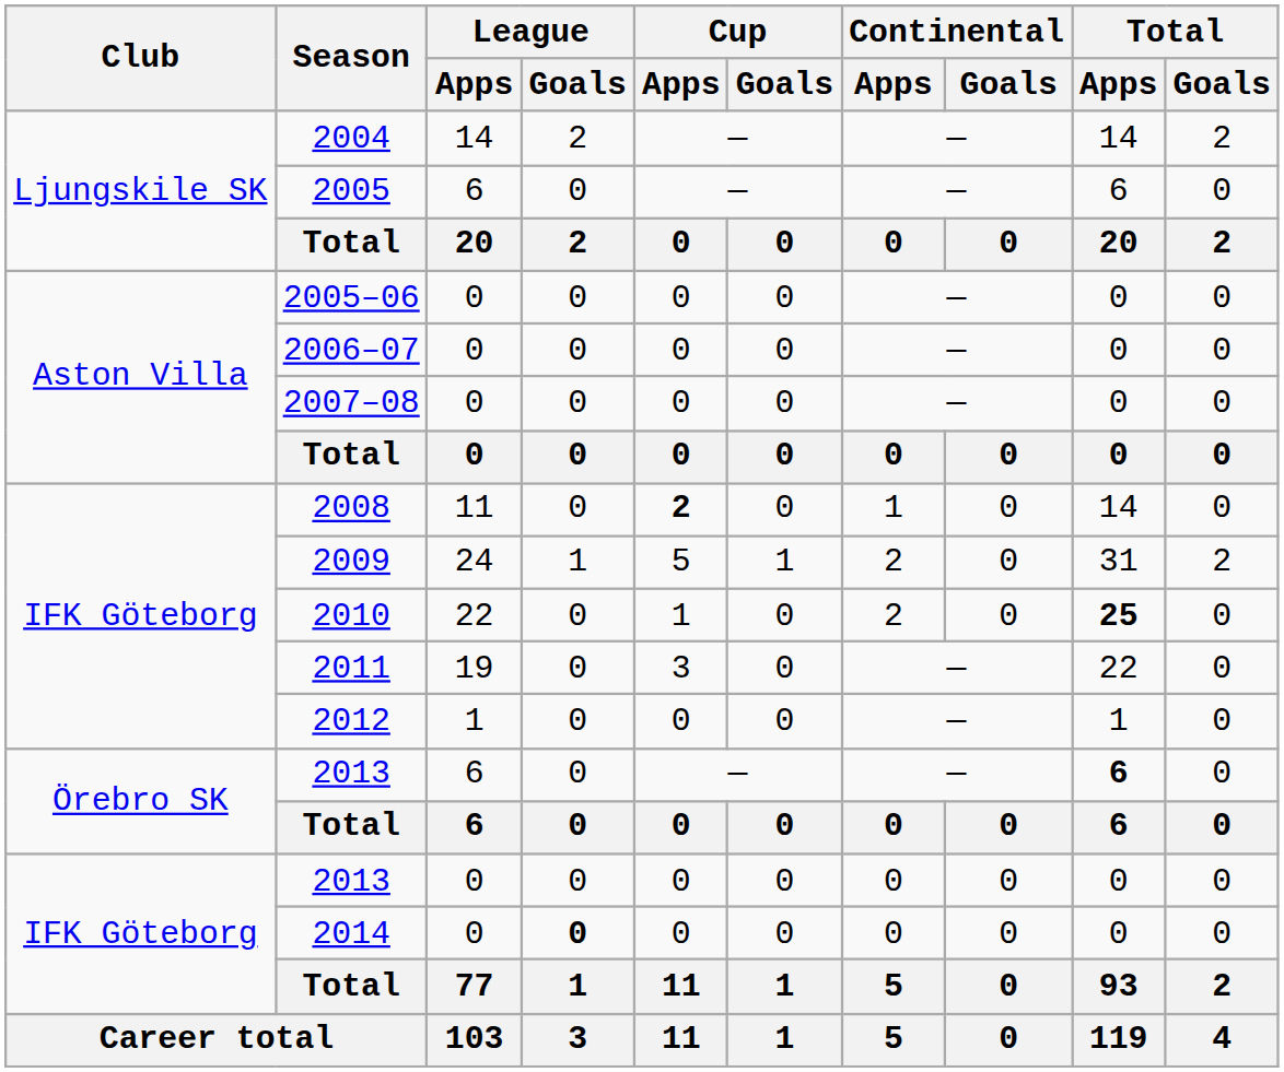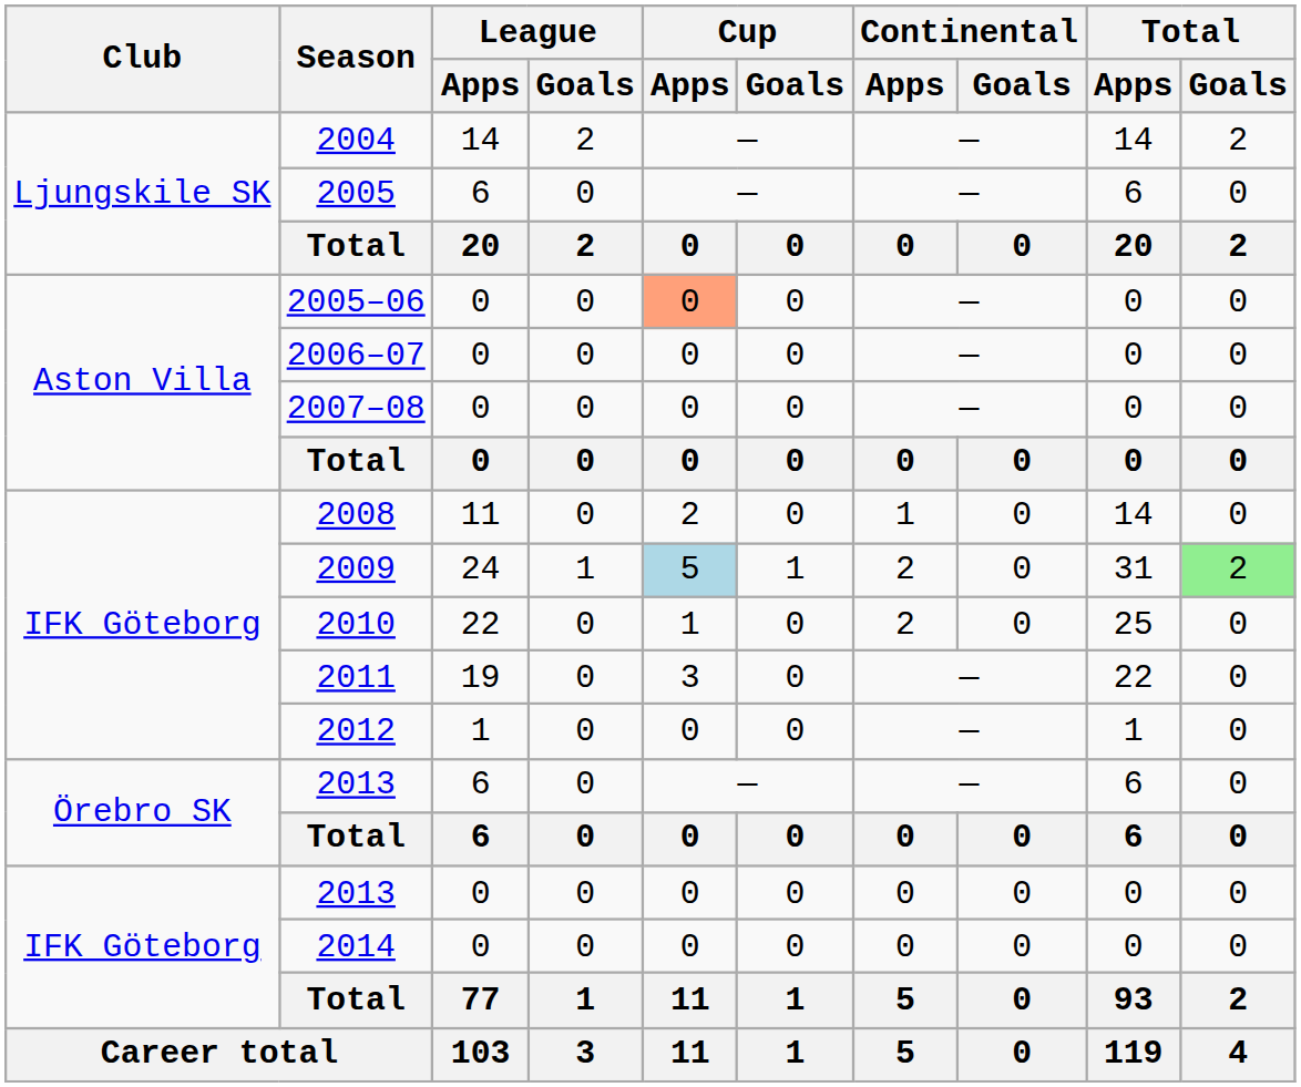 <table class="wikitable" style="text-align:center">
 <tr>
 <th rowspan=2>Club</th>
 <th rowspan=2>Season</th>
 <th colspan=2>League</th>
 <th colspan=2>Cup</th>
 <th colspan=2>Continental</th>
 <th colspan=2>Total</th>
 </tr>
 <tr>
 <th>Apps</th>
 <th>Goals</th>
 <th>Apps</th>
 <th>Goals</th>
 <th>Apps</th>
 <th>Goals</th>
 <th>Apps</th>
 <th>Goals</th>
 </tr>
 <tr>
 <td rowspan=3><a href='#'>Ljungskile SK</a></td>
 <td><a href='#'>2004</a></td>
 <td>14</td>
 <td>2</td>
 <td colspan=2>—</td>
 <td colspan=2>—</td>
 <td>14</td>
 <td>2</td>
 </tr>
 <tr>
 <td><a href='#'>2005</a></td>
 <td>6</td>
 <td>0</td>
 <td colspan=2>—</td>
 <td colspan=2>—</td>
 <td>6</td>
 <td>0</td>
 </tr>
 <tr>
 <th>Total</th>
 <th>20</th>
 <th>2</th>
 <th>0</th>
 <th>0</th>
 <th>0</th>
 <th>0</th>
 <th>20</th>
 <th>2</th>
 </tr>
 <tr>
 <td rowspan=4><a href='#'>Aston Villa</a></td>
 <td><a href='#'>2005–06</a></td>
 <td>0</td>
 <td>0</td>
-<td>0</td>
+<td style="background: lightsalmon;">0</td>
 <td>0</td>
 <td colspan=2>—</td>
 <td>0</td>
 <td>0</td>
 </tr>
 <tr>
 <td><a href='#'>2006–07</a></td>
 <td>0</td>
 <td>0</td>
 <td>0</td>
 <td>0</td>
 <td colspan=2>—</td>
 <td>0</td>
 <td>0</td>
 </tr>
 <tr>
 <td><a href='#'>2007–08</a></td>
 <td>0</td>
 <td>0</td>
 <td>0</td>
 <td>0</td>
 <td colspan=2>—</td>
 <td>0</td>
 <td>0</td>
 </tr>
 <tr>
 <th>Total</th>
 <th>0</th>
 <th>0</th>
 <th>0</th>
 <th>0</th>
 <th>0</th>
 <th>0</th>
 <th>0</th>
 <th>0</th>
 </tr>
 <tr>
 <td rowspan=5><a href='#'>IFK Göteborg</a></td>
 <td><a href='#'>2008</a></td>
 <td>11</td>
 <td>0</td>
-<td><strong>2</strong></td>
+<td>2</td>
 <td>0</td>
 <td>1</td>
 <td>0</td>
 <td>14</td>
 <td>0</td>
 </tr>
 <tr>
 <td><a href='#'>2009</a></td>
 <td>24</td>
 <td>1</td>
-<td>5</td>
+<td style="background: lightblue;">5</td>
 <td>1</td>
 <td>2</td>
 <td>0</td>
 <td>31</td>
-<td>2</td>
+<td style="background: lightgreen;">2</td>
 </tr>
 <tr>
 <td><a href='#'>2010</a></td>
 <td>22</td>
 <td>0</td>
 <td>1</td>
 <td>0</td>
 <td>2</td>
 <td>0</td>
-<td><strong>25</strong></td>
+<td>25</td>
 <td>0</td>
 </tr>
 <tr>
 <td><a href='#'>2011</a></td>
 <td>19</td>
 <td>0</td>
 <td>3</td>
 <td>0</td>
 <td colspan=2>—</td>
 <td>22</td>
 <td>0</td>
 </tr>
 <tr>
 <td><a href='#'>2012</a></td>
 <td>1</td>
 <td>0</td>
 <td>0</td>
 <td>0</td>
 <td colspan=2>—</td>
 <td>1</td>
 <td>0</td>
 </tr>
 <tr>
 <td rowspan=2><a href='#'>Örebro SK</a></td>
 <td><a href='#'>2013</a></td>
 <td>6</td>
 <td>0</td>
 <td colspan=2>—</td>
 <td colspan=2>—</td>
-<td><strong>6</strong></td>
+<td>6</td>
 <td>0</td>
 </tr>
 <tr>
 <th>Total</th>
 <th>6</th>
 <th>0</th>
 <th>0</th>
 <th>0</th>
 <th>0</th>
 <th>0</th>
 <th>6</th>
 <th>0</th>
 </tr>
 <tr>
 <td rowspan=3><a href='#'>IFK Göteborg</a></td>
 <td><a href='#'>2013</a></td>
 <td>0</td>
 <td>0</td>
 <td>0</td>
 <td>0</td>
 <td>0</td>
 <td>0</td>
 <td>0</td>
 <td>0</td>
 </tr>
 <tr>
 <td><a href='#'>2014</a></td>
 <td>0</td>
-<td><strong>0</strong></td>
+<td>0</td>
 <td>0</td>
 <td>0</td>
 <td>0</td>
 <td>0</td>
 <td>0</td>
 <td>0</td>
 </tr>
 <tr>
 <th>Total</th>
 <th>77</th>
 <th>1</th>
 <th>11</th>
 <th>1</th>
 <th>5</th>
 <th>0</th>
 <th>93</th>
 <th>2</th>
 </tr>
 <tr>
 <th colspan=2>Career total</th>
 <th>103</th>
 <th>3</th>
 <th>11</th>
 <th>1</th>
 <th>5</th>
 <th>0</th>
 <th>119</th>
 <th>4</th>
 </tr>
 </table>
